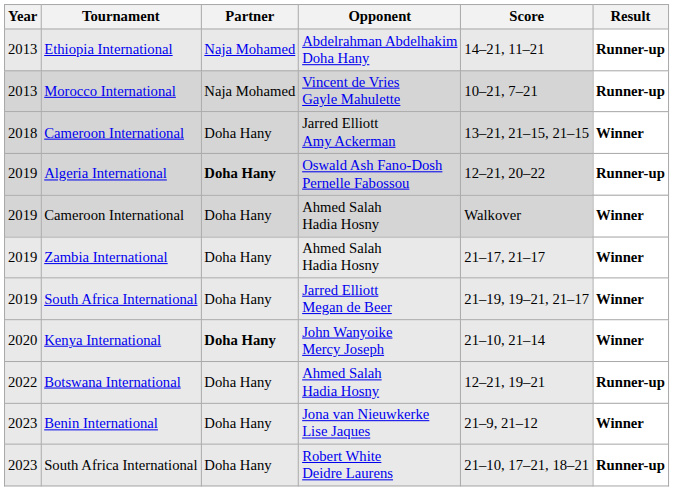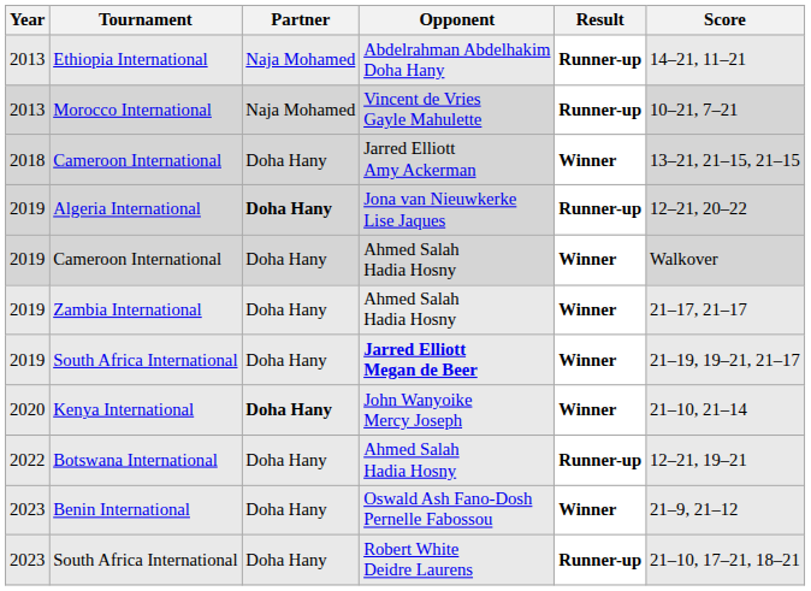 <table class="sortable wikitable" style="font-size: 90%;">
 <tr>
 <th>Year</th>
 <th>Tournament</th>
 <th>Partner</th>
 <th>Opponent</th>
+<th>Result</th>
 <th>Score</th>
-<th>Result</th>
 </tr>
 <tr style="background:#E9E9E9">
 <td align="center">2013</td>
 <td align="left"><a href='#'>Ethiopia International</a></td>
 <td align="left"> <a href='#'>Naja Mohamed</a></td>
 <td align="left"> <a href='#'>Abdelrahman Abdelhakim</a><br> <a href='#'>Doha Hany</a></td>
+<td style="text-align:left; background:white"> <strong>Runner-up</strong></td>
 <td align="left">14–21, 11–21</td>
-<td style="text-align:left; background:white"> <strong>Runner-up</strong></td>
 </tr>
 <tr style="background:#D5D5D5">
 <td align="center">2013</td>
 <td align="left"><a href='#'>Morocco International</a></td>
 <td align="left"> Naja Mohamed</td>
 <td align="left"> <a href='#'>Vincent de Vries</a><br> <a href='#'>Gayle Mahulette</a></td>
+<td style="text-align:left; background:white"> <strong>Runner-up</strong></td>
 <td align="left">10–21, 7–21</td>
-<td style="text-align:left; background:white"> <strong>Runner-up</strong></td>
 </tr>
 <tr style="background:#D5D5D5">
 <td align="center">2018</td>
 <td align="left"><a href='#'>Cameroon International</a></td>
 <td align="left"> Doha Hany</td>
 <td align="left"> Jarred Elliott<br> <a href='#'>Amy Ackerman</a></td>
+<td style="text-align:left; background:white"> <strong>Winner</strong></td>
 <td align="left">13–21, 21–15, 21–15</td>
-<td style="text-align:left; background:white"> <strong>Winner</strong></td>
 </tr>
 <tr style="background:#D5D5D5">
 <td align="center">2019</td>
 <td align="left"><a href='#'>Algeria International</a></td>
 <td align="left"><strong> Doha Hany</strong></td>
-<td align="left"> <a href='#'>Oswald Ash Fano-Dosh</a><br>  <a href='#'>Pernelle Fabossou</a></td>
+<td align="left"> <a href='#'>Jona van Nieuwkerke</a><br> <a href='#'>Lise Jaques</a></td>
+<td style="text-align:left; background:white"> <strong>Runner-up</strong></td>
 <td align="left">12–21, 20–22</td>
-<td style="text-align:left; background:white"> <strong>Runner-up</strong></td>
 </tr>
 <tr style="background:#D5D5D5">
 <td align="center">2019</td>
 <td align="left">Cameroon International</td>
 <td align="left"> Doha Hany</td>
 <td align="left"> Ahmed Salah<br> Hadia Hosny</td>
+<td style="text-align:left; background:white"> <strong>Winner</strong></td>
 <td align="left">Walkover</td>
-<td style="text-align:left; background:white"> <strong>Winner</strong></td>
 </tr>
 <tr style="background:#E9E9E9">
 <td align="center">2019</td>
 <td align="left"><a href='#'>Zambia International</a></td>
 <td align="left"> Doha Hany</td>
 <td align="left"> Ahmed Salah<br> Hadia Hosny</td>
+<td style="text-align:left; background:white"> <strong>Winner</strong></td>
 <td align="left">21–17, 21–17</td>
-<td style="text-align:left; background:white"> <strong>Winner</strong></td>
 </tr>
 <tr style="background:#E9E9E9">
 <td align="center">2019</td>
 <td align="left"><a href='#'>South Africa International</a></td>
 <td align="left"> Doha Hany</td>
-<td align="left"> <a href='#'>Jarred Elliott</a><br> <a href='#'>Megan de Beer</a></td>
+<td align="left"><strong> <a href='#'>Jarred Elliott</a><br> <a href='#'>Megan de Beer</a></strong></td>
+<td style="text-align:left; background:white"> <strong>Winner</strong></td>
 <td align="left">21–19, 19–21, 21–17</td>
-<td style="text-align:left; background:white"> <strong>Winner</strong></td>
 </tr>
 <tr style="background:#E9E9E9">
 <td align="center">2020</td>
 <td align="left"><a href='#'>Kenya International</a></td>
 <td align="left"><strong> Doha Hany</strong></td>
 <td align="left"> <a href='#'>John Wanyoike</a><br> <a href='#'>Mercy Joseph</a></td>
+<td style="text-align:left; background:white"> <strong>Winner</strong></td>
 <td align="left">21–10, 21–14</td>
-<td style="text-align:left; background:white"> <strong>Winner</strong></td>
 </tr>
 <tr style="background:#E9E9E9">
 <td align="center">2022</td>
 <td align="left"><a href='#'>Botswana International</a></td>
 <td align="left"> Doha Hany</td>
 <td align="left"> <a href='#'>Ahmed Salah</a><br> <a href='#'>Hadia Hosny</a></td>
+<td style="text-align:left; background:white"> <strong>Runner-up</strong></td>
 <td align="left">12–21, 19–21</td>
-<td style="text-align:left; background:white"> <strong>Runner-up</strong></td>
 </tr>
 <tr style="background:#E9E9E9">
 <td align="center">2023</td>
 <td align="left"><a href='#'>Benin International</a></td>
 <td align="left"> Doha Hany</td>
-<td align="left"> <a href='#'>Jona van Nieuwkerke</a><br> <a href='#'>Lise Jaques</a></td>
+<td align="left"> <a href='#'>Oswald Ash Fano-Dosh</a><br>  <a href='#'>Pernelle Fabossou</a></td>
+<td style="text-align:left; background:white"> <strong>Winner</strong></td>
 <td align="left">21–9, 21–12</td>
-<td style="text-align:left; background:white"> <strong>Winner</strong></td>
 </tr>
 <tr style="background:#E9E9E9">
 <td align="center">2023</td>
 <td align="left">South Africa International</td>
 <td align="left"> Doha Hany</td>
 <td align="left"> <a href='#'>Robert White</a><br> <a href='#'>Deidre Laurens</a></td>
+<td style="text-align:left; background:white"> <strong>Runner-up</strong></td>
 <td align="left">21–10, 17–21, 18–21</td>
-<td style="text-align:left; background:white"> <strong>Runner-up</strong></td>
 </tr>
 </table>
